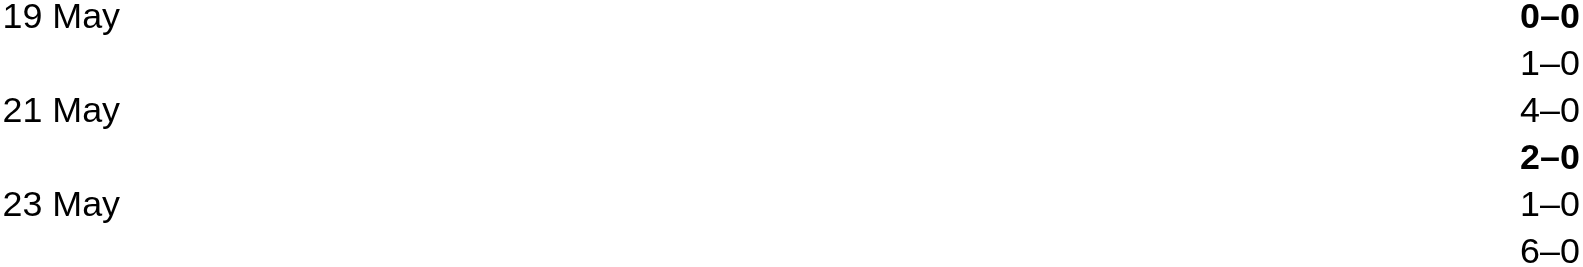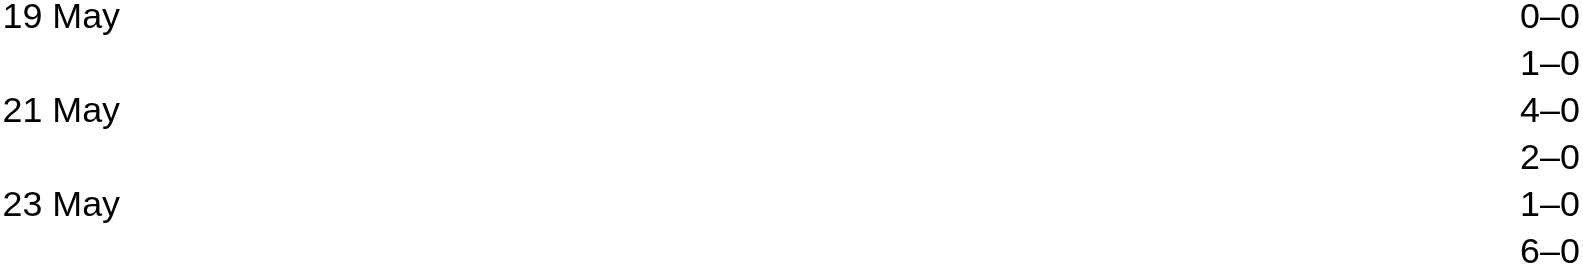 <table cellspacing=1 width=70%>
 <tr>
 <th width=25%></th>
 <th width=30%></th>
 <th width=15%></th>
 <th width=30%></th>
 </tr>
 <tr>
 <td>19 May</td>
 <td align=right></td>
-<td align=center><strong>0–0</strong></td>
+<td align=center>0–0</td>
 <td></td>
 </tr>
 <tr>
 <td></td>
 <td align=right></td>
 <td align=center>1–0</td>
 <td></td>
 </tr>
 <tr>
 <td>21 May</td>
 <td align=right></td>
 <td align=center>4–0</td>
 <td></td>
 </tr>
 <tr>
 <td></td>
 <td align=right></td>
-<td align=center><strong>2–0</strong></td>
+<td align=center>2–0</td>
 <td></td>
 </tr>
 <tr>
 <td>23 May</td>
 <td align=right></td>
 <td align=center>1–0</td>
 <td></td>
 </tr>
 <tr>
 <td></td>
 <td align=right></td>
 <td align=center>6–0</td>
 <td></td>
 </tr>
 </table>
